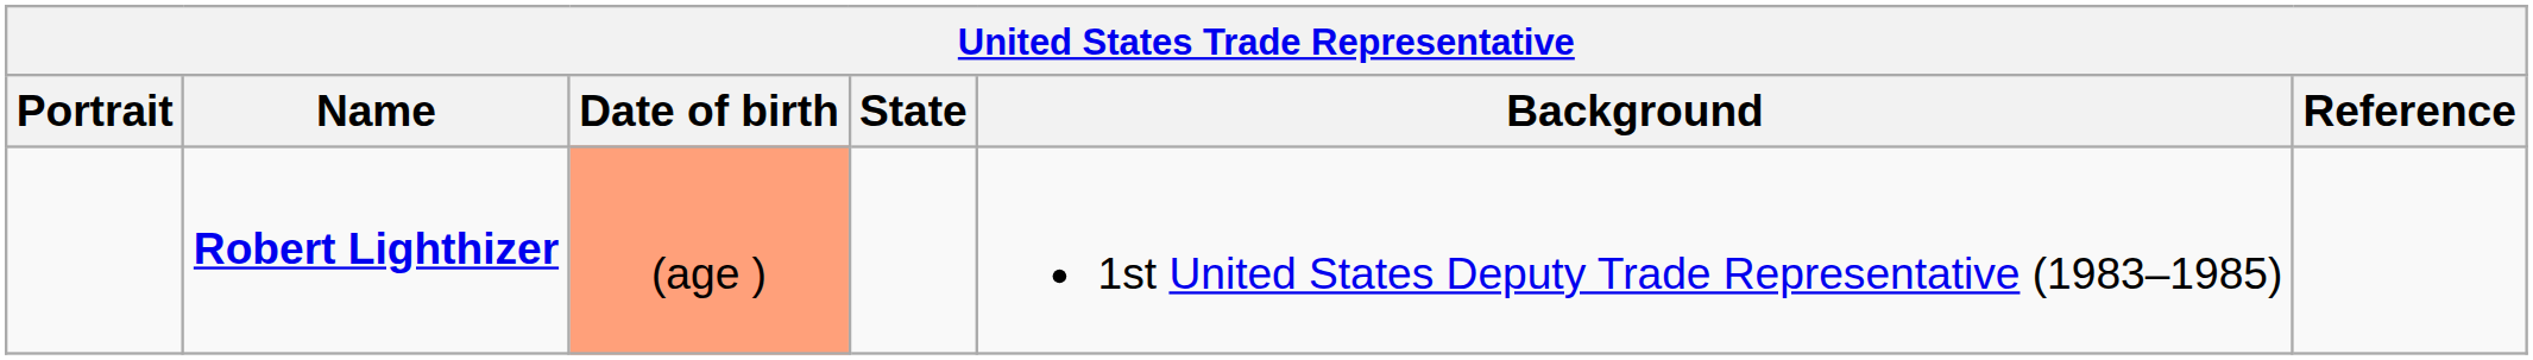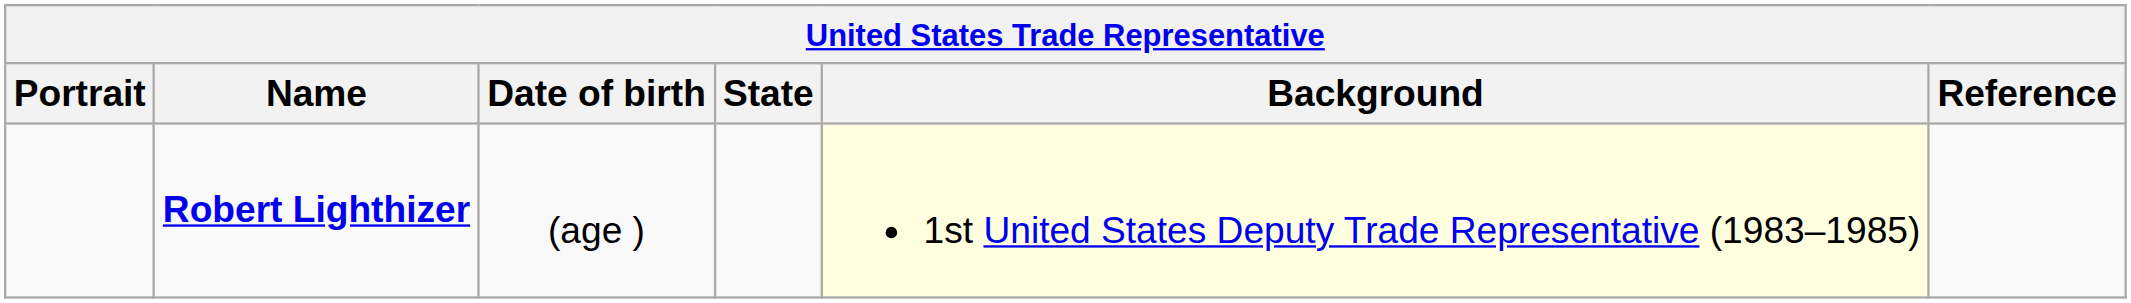 <table class="wikitable collapsible" style="text-align:center;">
 <tr>
 <th colspan="6"><strong><a href='#'><small>United States Trade Representative</small></a></strong></th>
 </tr>
 <tr>
 <th>Portrait</th>
 <th>Name</th>
 <th>Date of birth</th>
 <th>State</th>
 <th>Background</th>
 <th>Reference</th>
 </tr>
 <tr>
 <td></td>
 <td><strong><a href='#'>Robert Lighthizer</a></strong></td>
-<td style="background: lightsalmon;"><br>(age )</td>
+<td><br>(age )</td>
 <td></td>
-<td><br><ul><li>1st <a href='#'>United States Deputy Trade Representative</a> (1983–1985)</li></ul></td>
+<td style="background: lightyellow;"><br><ul><li>1st <a href='#'>United States Deputy Trade Representative</a> (1983–1985)</li></ul></td>
 <td></td>
 </tr>
 </table>
